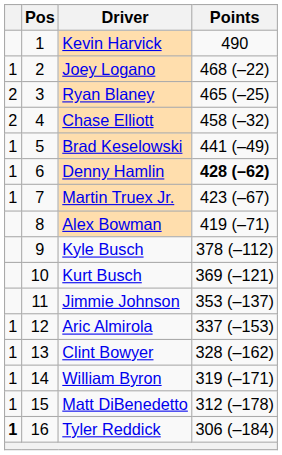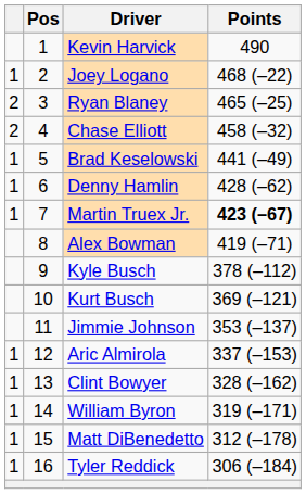 <table class="wikitable" style="font-size: 95%">
 <tr>
 <th></th>
 <th>Pos</th>
 <th>Driver</th>
 <th>Points</th>
 </tr>
 <tr>
 <td align="left"></td>
 <td style="text-align:center;">1</td>
 <td style="background:#FFDEAD;"><a href='#'>Kevin Harvick</a></td>
 <td style="text-align:center;">490</td>
 </tr>
 <tr>
 <td align="left"> 1</td>
 <td style="text-align:center;">2</td>
 <td style="background:#FFDEAD;"><a href='#'>Joey Logano</a></td>
 <td style="text-align:center;">468 (–22)</td>
 </tr>
 <tr>
 <td align="left"> 2</td>
 <td style="text-align:center;">3</td>
 <td style="background:#FFDEAD;"><a href='#'>Ryan Blaney</a></td>
 <td style="text-align:center;">465 (–25)</td>
 </tr>
 <tr>
 <td align="left"> 2</td>
 <td style="text-align:center;">4</td>
 <td style="background:#FFDEAD;"><a href='#'>Chase Elliott</a></td>
 <td style="text-align:center;">458 (–32)</td>
 </tr>
 <tr>
 <td align="left"> 1</td>
 <td style="text-align:center;">5</td>
 <td style="background:#FFDEAD;"><a href='#'>Brad Keselowski</a></td>
 <td style="text-align:center;">441 (–49)</td>
 </tr>
 <tr>
 <td align="left"> 1</td>
 <td style="text-align:center;">6</td>
 <td style="background:#FFDEAD;"><a href='#'>Denny Hamlin</a></td>
-<td style="text-align:center;"><strong>428 (–62)</strong></td>
+<td style="text-align:center;">428 (–62)</td>
 </tr>
 <tr>
 <td align="left"> 1</td>
 <td style="text-align:center;">7</td>
 <td style="background:#FFDEAD;"><a href='#'>Martin Truex Jr.</a></td>
-<td style="text-align:center;">423 (–67)</td>
+<td style="text-align:center;"><strong>423 (–67)</strong></td>
 </tr>
 <tr>
 <td align="left"></td>
 <td style="text-align:center;">8</td>
 <td style="background:#FFDEAD;"><a href='#'>Alex Bowman</a></td>
 <td style="text-align:center;">419 (–71)</td>
 </tr>
 <tr>
 <td align="left"></td>
 <td style="text-align:center;">9</td>
 <td><a href='#'>Kyle Busch</a></td>
 <td style="text-align:center;">378 (–112)</td>
 </tr>
 <tr>
 <td align="left"></td>
 <td style="text-align:center;">10</td>
 <td><a href='#'>Kurt Busch</a></td>
 <td style="text-align:center;">369 (–121)</td>
 </tr>
 <tr>
 <td align="left"></td>
 <td style="text-align:center;">11</td>
 <td><a href='#'>Jimmie Johnson</a></td>
 <td style="text-align:center;">353 (–137)</td>
 </tr>
 <tr>
 <td align="left"> 1</td>
 <td style="text-align:center;">12</td>
 <td><a href='#'>Aric Almirola</a></td>
 <td style="text-align:center;">337 (–153)</td>
 </tr>
 <tr>
 <td align="left"> 1</td>
 <td style="text-align:center;">13</td>
 <td><a href='#'>Clint Bowyer</a></td>
 <td style="text-align:center;">328 (–162)</td>
 </tr>
 <tr>
 <td align="left"> 1</td>
 <td style="text-align:center;">14</td>
 <td><a href='#'>William Byron</a></td>
 <td style="text-align:center;">319 (–171)</td>
 </tr>
 <tr>
 <td align="left"> 1</td>
 <td style="text-align:center;">15</td>
 <td><a href='#'>Matt DiBenedetto</a></td>
 <td style="text-align:center;">312 (–178)</td>
 </tr>
 <tr>
-<td align="left"><strong> 1</strong></td>
+<td align="left"> 1</td>
 <td style="text-align:center;">16</td>
 <td><a href='#'>Tyler Reddick</a></td>
 <td style="text-align:center;">306 (–184)</td>
 </tr>
 <tr class="sortbottom">
 <th colspan="9"></th>
 </tr>
 </table>
